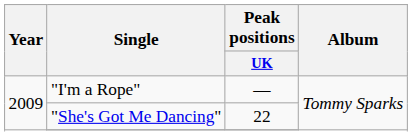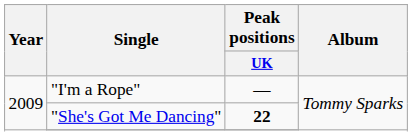 <table class="wikitable" style="text-align:center;">
 <tr>
 <th rowspan="2">Year</th>
 <th rowspan="2">Single</th>
 <th colspan="1">Peak positions</th>
 <th rowspan="2">Album</th>
 </tr>
 <tr style="font-size:smaller;">
 <th width="50"><a href='#'>UK</a><br></th>
 </tr>
 <tr>
 <td rowspan="3">2009</td>
 <td align="left">"I'm a Rope"</td>
 <td>—</td>
 <td align="left" rowspan="3"><em>Tommy Sparks</em></td>
 </tr>
 <tr>
 <td align="left">"<a href='#'>She's Got Me Dancing</a>"</td>
-<td>22</td>
+<td><strong>22</strong></td>
 </tr>
 <tr>
 </tr>
 </table>
